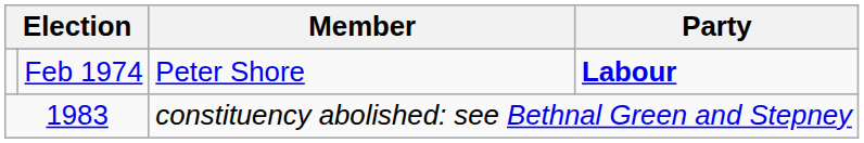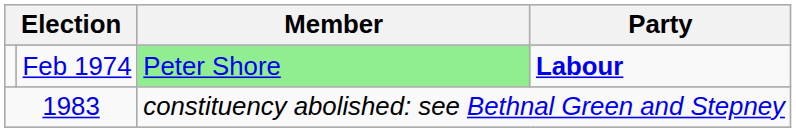 <table class="wikitable">
 <tr>
 <th colspan="2">Election</th>
 <th>Member</th>
 <th>Party</th>
 </tr>
 <tr>
 <td style="color:inherit;background-color: "></td>
 <td><a href='#'>Feb 1974</a></td>
-<td><a href='#'>Peter Shore</a></td>
+<td style="background: lightgreen;"><a href='#'>Peter Shore</a></td>
 <td><strong><a href='#'>Labour</a></strong></td>
 </tr>
 <tr>
 <td colspan="2" align="center"><a href='#'>1983</a></td>
 <td colspan="2"><em>constituency abolished: see <a href='#'>Bethnal Green and Stepney</a></em></td>
 </tr>
 </table>
